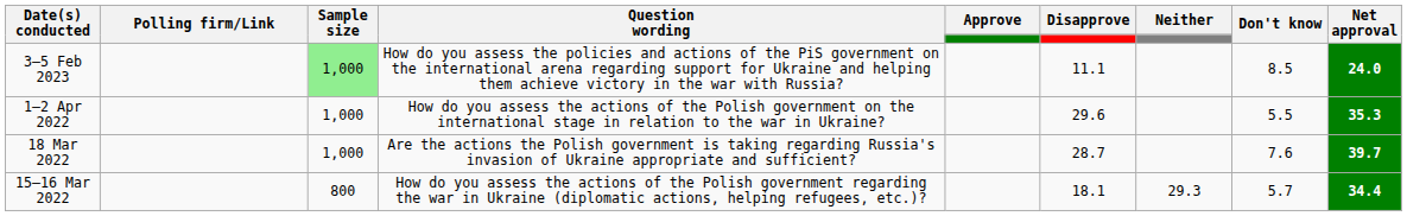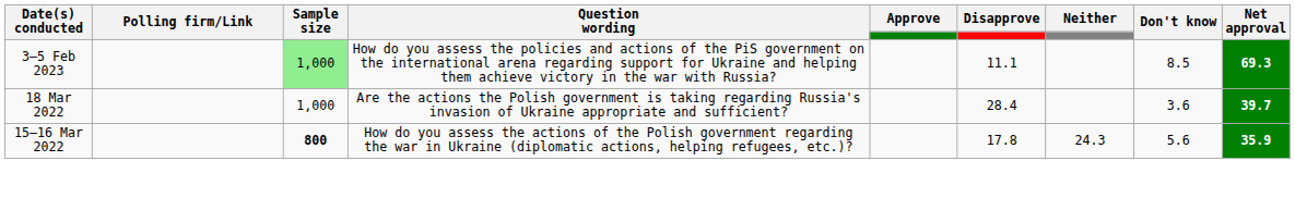 <table class="wikitable collapsible sortable" style="text-align:center; font-size:95%; line-height:14px">
 <tr>
 <th rowspan="2">Date(s)<br>conducted</th>
 <th rowspan="2" style="width:180px;">Polling firm/Link</th>
 <th rowspan="2">Sample size</th>
 <th rowspan="2">Question<br>wording</th>
 <th class="unsortable" style="width:80px;">Approve</th>
 <th class="unsortable" style="width:80px;">Disapprove</th>
 <th class="unsortable" style="width:80px;">Neither</th>
 <th class="unsortable" style="width:80px;" rowspan="2">Don't know</th>
 <th class="unsortable" style="width:20px;" rowspan="2">Net approval</th>
 </tr>
 <tr>
 <th class="unsortable" style="background:green;width:60px;"></th>
 <th class="unsortable" style="background:red;width:60px;"></th>
 <th class="unsortable" style="background:grey;width:60px;"></th>
 </tr>
 <tr>
 <td data-sort-value="2023–02–05">3–5 Feb 2023</td>
 <td></td>
 <td style="background: lightgreen;">1,000</td>
 <td>How do you assess the policies and actions of the PiS government on the international arena regarding support for Ukraine and helping them achieve victory in the war with Russia?</td>
 <td></td>
 <td>11.1</td>
 <td></td>
 <td>8.5</td>
-<td style="background:green;color:white;"><strong>24.0</strong></td>
-</tr>
-<tr>
-<td data-sort-value="2022–04–02">1–2 Apr 2022</td>
-<td></td>
-<td>1,000</td>
-<td>How do you assess the actions of the Polish government on the international stage in relation to the war in Ukraine?</td>
-<td></td>
-<td>29.6</td>
-<td></td>
-<td>5.5</td>
-<td style="background:green;color:white;"><strong>35.3</strong></td>
+<td style="background:green;color:white;"><strong>69.3</strong></td>
 </tr>
 <tr>
 <td data-sort-value="2022–03–18">18 Mar 2022</td>
 <td></td>
 <td>1,000</td>
 <td>Are the actions the Polish government is taking regarding Russia's invasion of Ukraine appropriate and sufficient?</td>
 <td></td>
-<td>28.7</td>
+<td>28.4</td>
 <td></td>
-<td>7.6</td>
+<td>3.6</td>
 <td style="background:green;color:white;"><strong>39.7</strong></td>
 </tr>
 <tr>
 <td data-sort-value="2022–03–16">15–16 Mar 2022</td>
 <td></td>
-<td>800</td>
+<td><strong>800</strong></td>
 <td>How do you assess the actions of the Polish government regarding the war in Ukraine (diplomatic actions, helping refugees, etc.)?</td>
 <td></td>
-<td>18.1</td>
-<td>29.3</td>
-<td>5.7</td>
-<td style="background:green;color:white;"><strong>34.4</strong></td>
+<td>17.8</td>
+<td>24.3</td>
+<td>5.6</td>
+<td style="background:green;color:white;"><strong>35.9</strong></td>
 </tr>
 </table>
